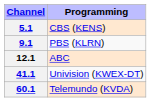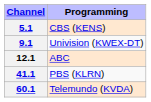 <table class="wikitable">
 <tr>
 <th style="background-color: #bdbdff" scope = "col"><a href='#'>Channel</a></th>
 <th style="background-color: #bdbdff" scope = "col">Programming</th>
 </tr>
 <tr>
 <th scope = "row"><a href='#'>5.1</a></th>
 <td style="background-color:#ffe8d0"><a href='#'>CBS</a> (<a href='#'>KENS</a>) </td>
 </tr>
 <tr>
 <th scope = "row"><a href='#'>9.1</a></th>
-<td><a href='#'>PBS</a> (<a href='#'>KLRN</a>)</td>
+<td><a href='#'>Univision</a> (<a href='#'>KWEX-DT</a>)</td>
 </tr>
 <tr>
 <th scope = "row">12.1</th>
 <td style="background-color:#ffe8d0"><a href='#'>ABC</a> </td>
 </tr>
 <tr>
 <th scope = "row"><a href='#'>41.1</a></th>
-<td><a href='#'>Univision</a> (<a href='#'>KWEX-DT</a>)</td>
+<td><a href='#'>PBS</a> (<a href='#'>KLRN</a>)</td>
 </tr>
 <tr>
 <th scope = "row"><a href='#'>60.1</a></th>
 <td style="background-color:#ffe8d0"><a href='#'>Telemundo</a> (<a href='#'>KVDA</a>) </td>
 </tr>
 </table>
